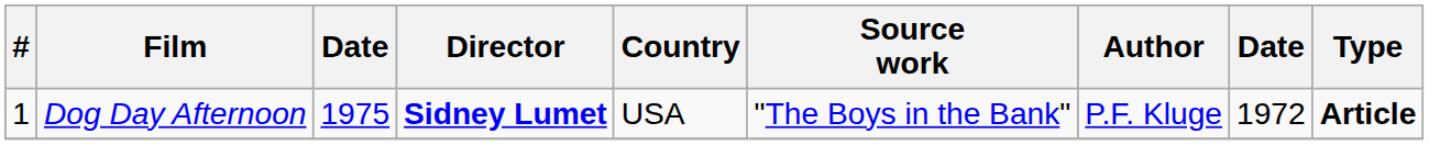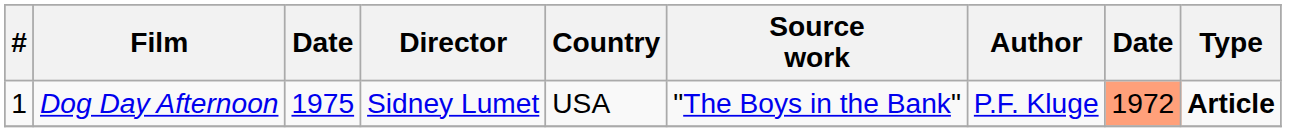 <table class="wikitable">
 <tr>
 <th>#</th>
 <th>Film</th>
 <th>Date</th>
 <th>Director</th>
 <th>Country</th>
 <th>Source<br>work</th>
 <th>Author</th>
 <th>Date</th>
 <th>Type</th>
 </tr>
 <tr>
 <td>1</td>
 <td><em><a href='#'>Dog Day Afternoon</a></em> </td>
 <td><a href='#'>1975</a></td>
-<td><strong><a href='#'>Sidney Lumet</a></strong></td>
+<td><a href='#'>Sidney Lumet</a></td>
 <td>USA</td>
 <td>"<a href='#'>The Boys in the Bank</a>"</td>
 <td><a href='#'>P.F. Kluge</a></td>
-<td>1972</td>
+<td style="background: lightsalmon;">1972</td>
 <td><strong>Article</strong></td>
 </tr>
 <tr>
 </tr>
 </table>
